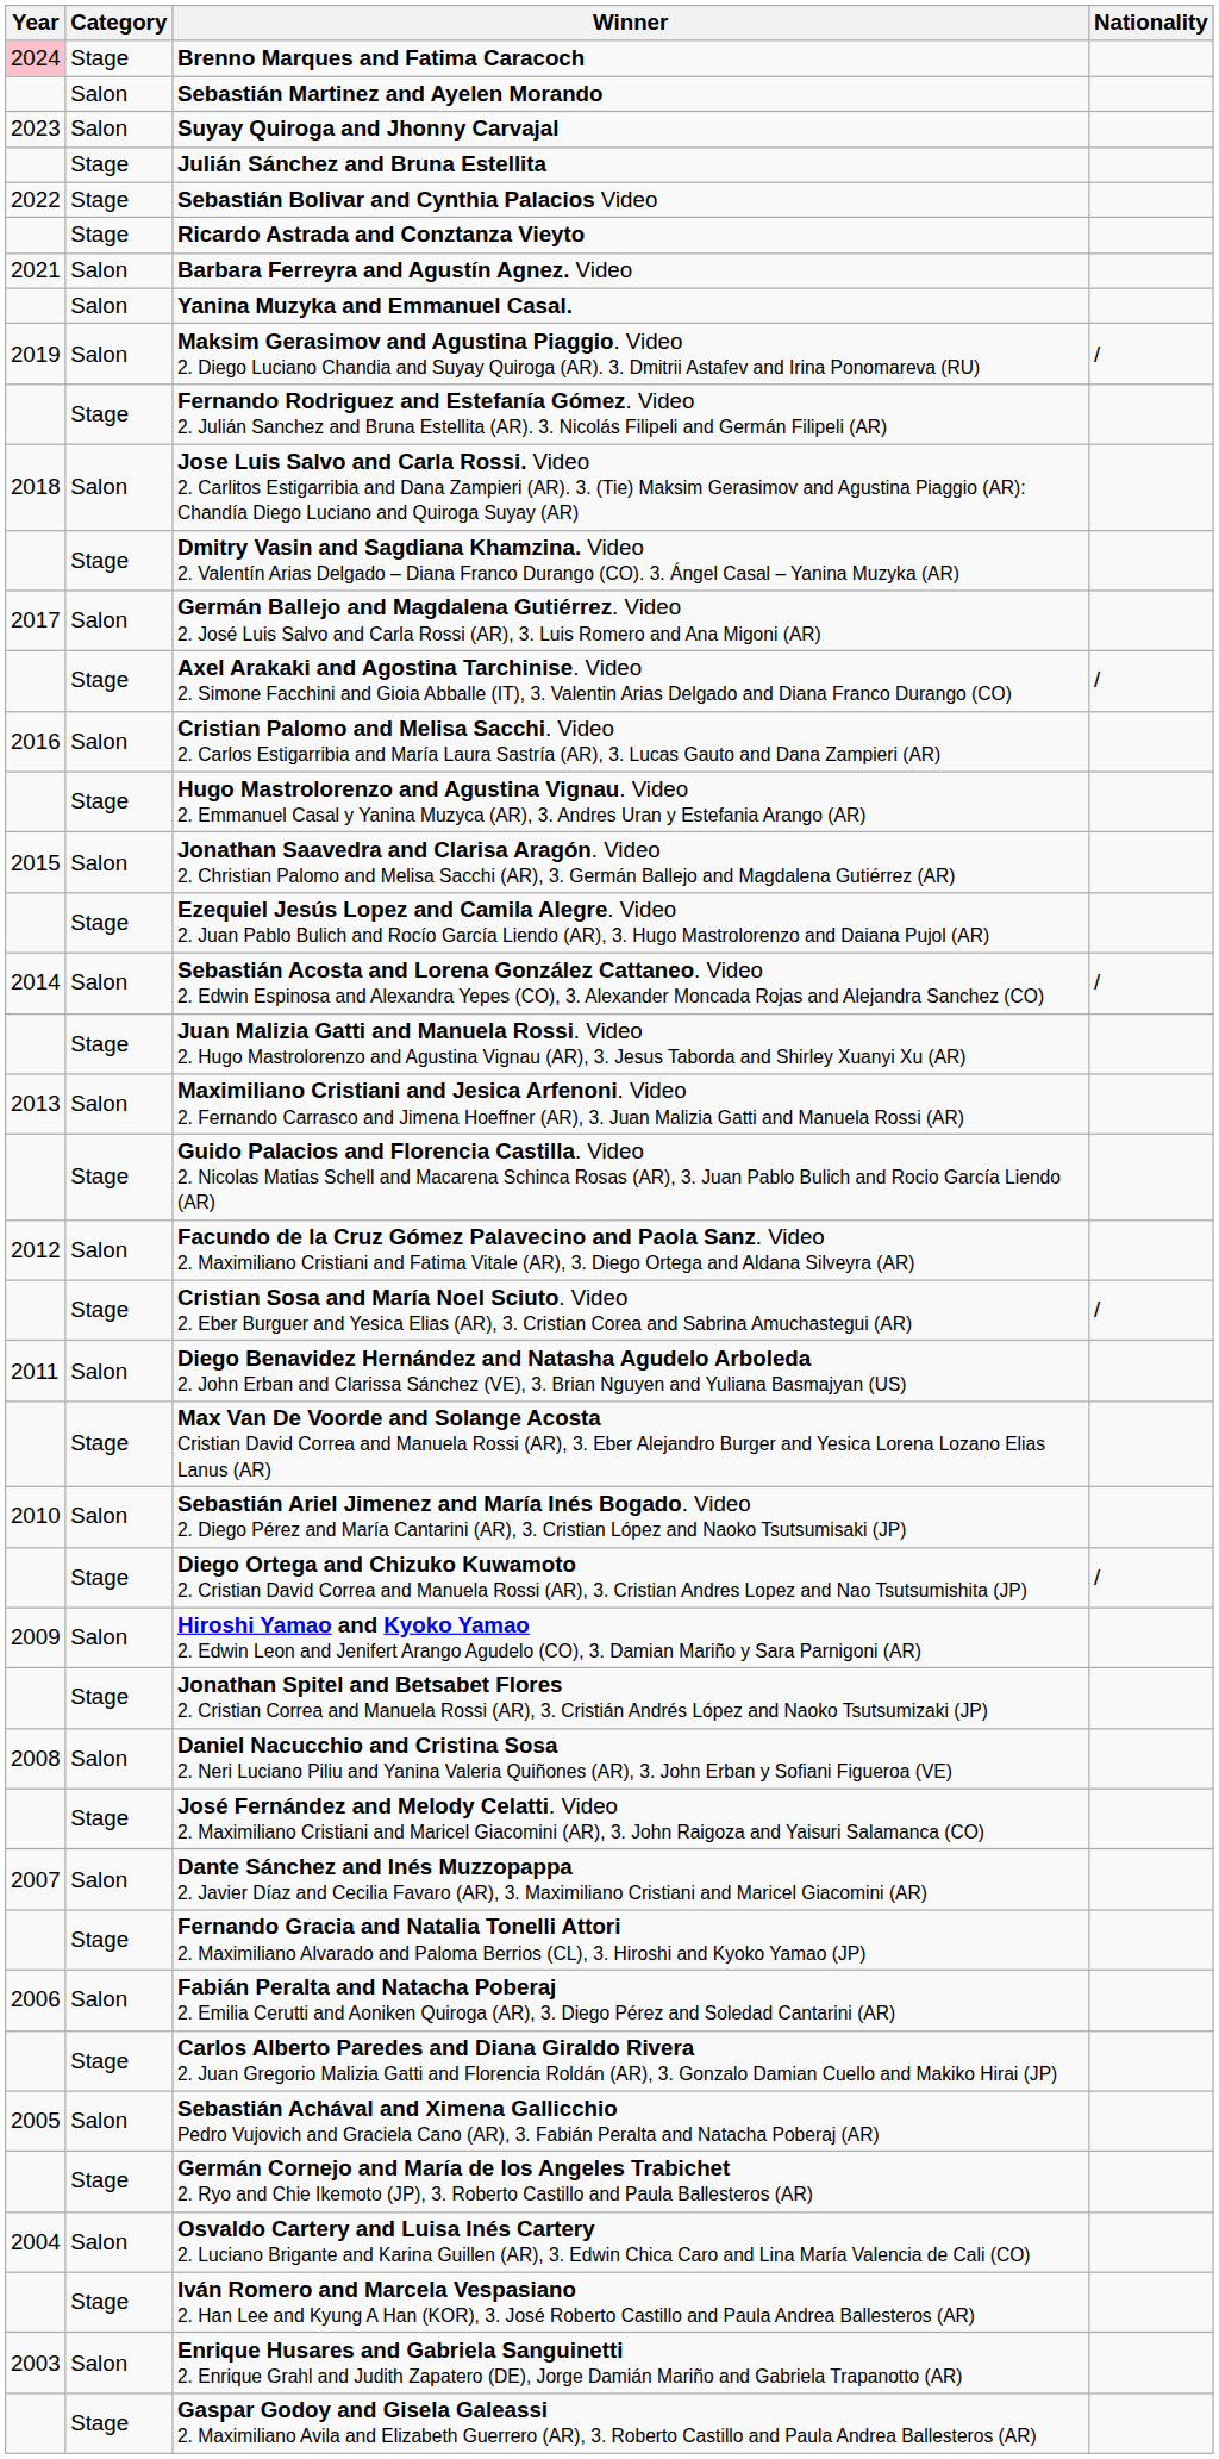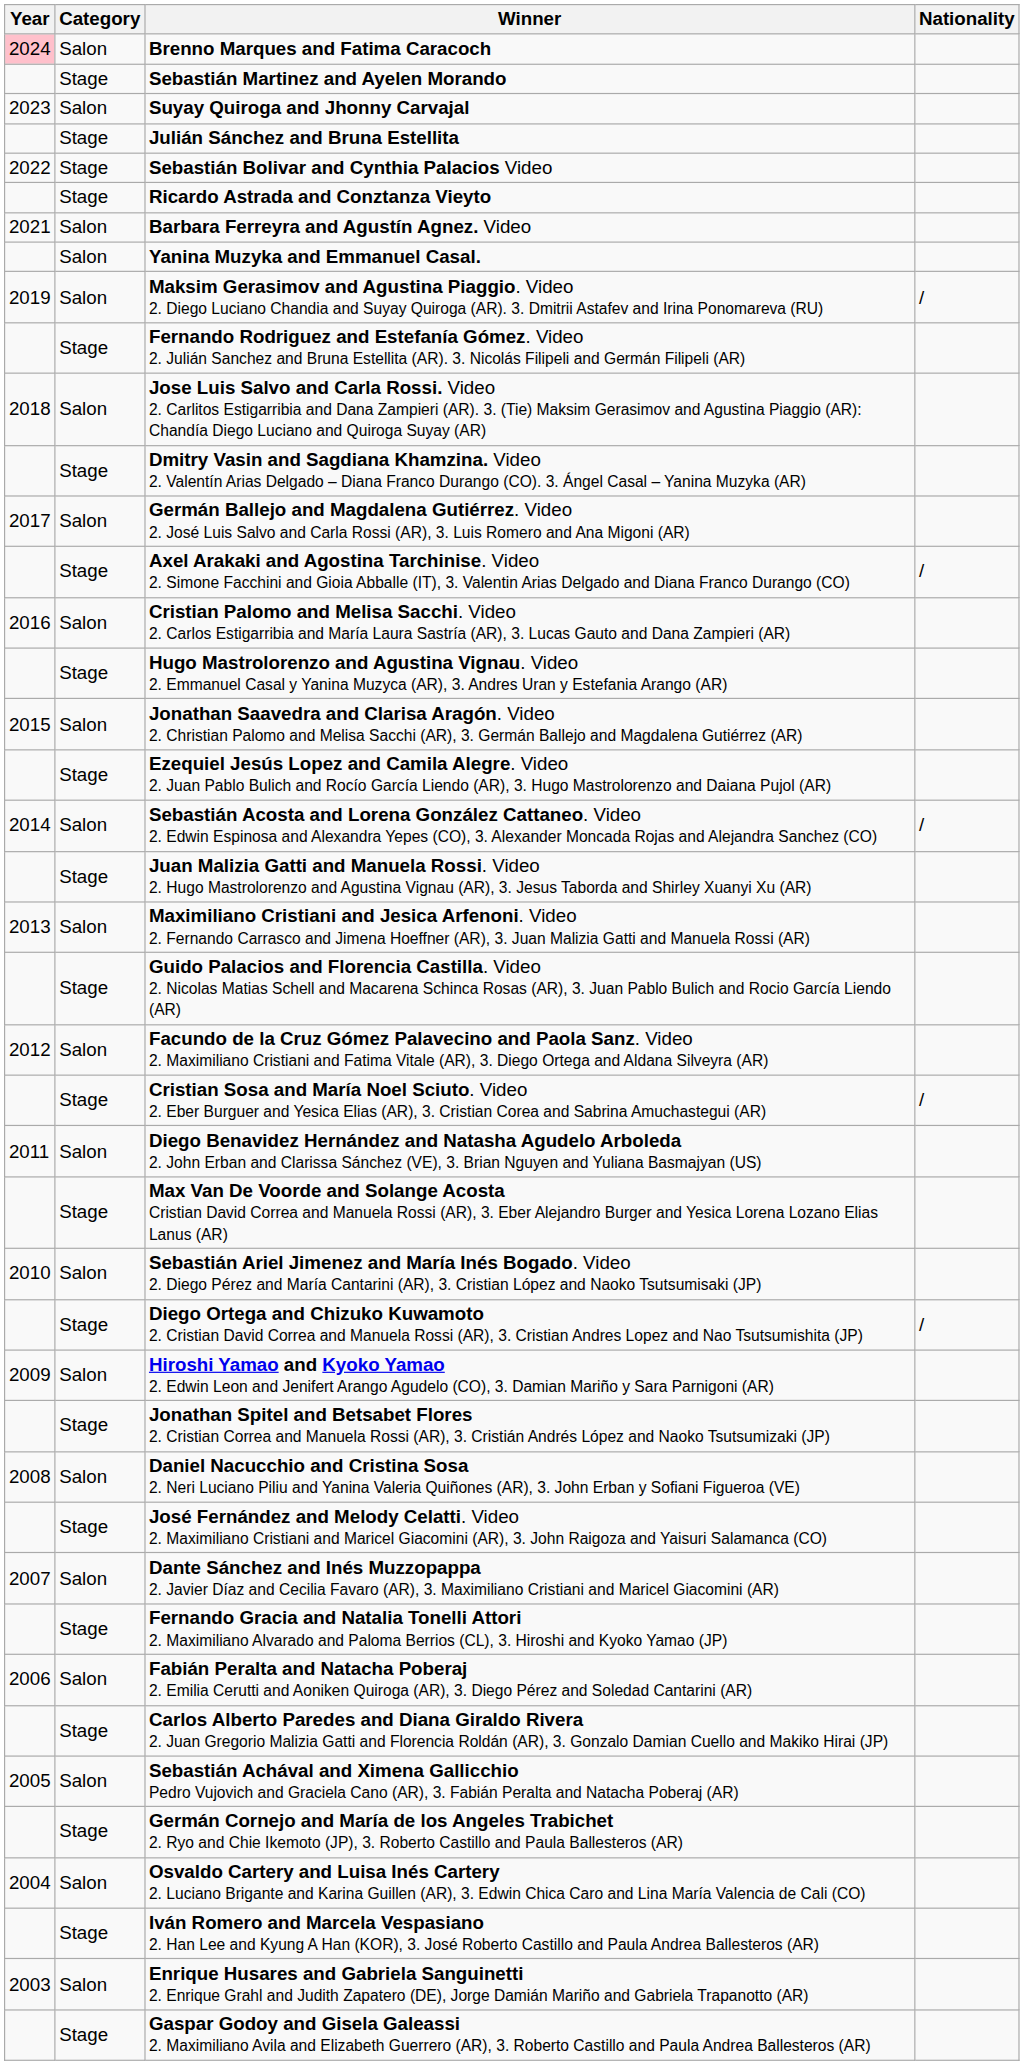 <table class="wikitable sortable mw-collapsible">
 <tr>
 <th>Year</th>
 <th>Category</th>
 <th>Winner</th>
 <th>Nationality</th>
 </tr>
 <tr>
 <td style="background: pink;">2024</td>
-<td>Stage</td>
+<td>Salon</td>
 <td><strong>Brenno Marques and Fatima Caracoch</strong></td>
 <td></td>
 </tr>
 <tr>
 <td></td>
-<td>Salon </td>
+<td>Stage</td>
 <td><strong>Sebastián Martinez and Ayelen Morando</strong></td>
 <td></td>
 </tr>
 <tr>
 <td>2023</td>
 <td>Salon</td>
 <td><strong>Suyay Quiroga and Jhonny Carvajal</strong></td>
 <td> </td>
 </tr>
 <tr>
 <td></td>
 <td>Stage</td>
 <td><strong>Julián Sánchez and Bruna Estellita</strong></td>
 <td></td>
 </tr>
 <tr>
 <td>2022</td>
 <td>Stage</td>
 <td><strong>Sebastián Bolivar and Cynthia Palacios</strong> Video</td>
 <td></td>
 </tr>
 <tr>
 <td></td>
 <td>Stage</td>
 <td><strong>Ricardo Astrada and Conztanza Vieyto</strong></td>
 <td></td>
 </tr>
 <tr>
 <td>2021</td>
 <td>Salon</td>
 <td><strong>Barbara Ferreyra and Agustín Agnez.</strong> Video</td>
 <td></td>
 </tr>
 <tr>
 <td></td>
 <td>Salon</td>
 <td><strong>Yanina Muzyka and Emmanuel Casal.</strong></td>
 <td></td>
 </tr>
 <tr>
 <td>2019</td>
 <td>Salon</td>
 <td><strong>Maksim Gerasimov and Agustina Piaggio</strong>. Video<br><small>2. Diego Luciano Chandia and Suyay Quiroga (AR). 3.  Dmitrii Astafev and Irina Ponomareva (RU)</small></td>
 <td> / </td>
 </tr>
 <tr>
 <td></td>
 <td>Stage</td>
 <td><strong>Fernando Rodriguez and Estefanía Gómez</strong>. Video<br><small>2. Julián Sanchez and Bruna Estellita (AR). 3. Nicolás Filipeli and Germán Filipeli (AR)</small></td>
 <td></td>
 </tr>
 <tr>
 <td>2018</td>
 <td>Salon</td>
 <td><strong>Jose Luis Salvo and Carla Rossi.</strong> Video<br><small>2. Carlitos Estigarribia and Dana Zampieri (AR). 3. (Tie)  Maksim Gerasimov and Agustina Piaggio (AR): Chandía Diego Luciano and Quiroga Suyay (AR)</small></td>
 <td></td>
 </tr>
 <tr>
 <td></td>
 <td>Stage</td>
 <td><strong>Dmitry Vasin and Sagdiana Khamzina.</strong> Video<br><small>2. Valentín Arias Delgado – Diana Franco Durango (CO). 3. Ángel Casal – Yanina Muzyka (AR)</small></td>
 <td></td>
 </tr>
 <tr>
 <td>2017</td>
 <td>Salon</td>
 <td><strong>Germán Ballejo and Magdalena Gutiérrez</strong>. Video<br><small>2. José Luis Salvo and Carla Rossi (AR), 3. Luis Romero and Ana Migoni (AR)</small></td>
 <td></td>
 </tr>
 <tr>
 <td></td>
 <td>Stage</td>
 <td><strong>Axel Arakaki and Agostina Tarchinise</strong>. Video<br><small>2. Simone Facchini and Gioia Abballe (IT), 3. Valentin Arias Delgado and Diana Franco Durango (CO)</small></td>
 <td> / </td>
 </tr>
 <tr>
 <td>2016</td>
 <td>Salon</td>
 <td><strong>Cristian Palomo and Melisa Sacchi</strong>. Video<br><small>2. Carlos Estigarribia and María Laura Sastría (AR), 3. Lucas Gauto and Dana Zampieri (AR)</small></td>
 <td></td>
 </tr>
 <tr>
 <td></td>
 <td>Stage</td>
 <td><strong>Hugo Mastrolorenzo and Agustina Vignau</strong>. Video<br><small>2. Emmanuel Casal y Yanina Muzyca (AR), 3. Andres Uran y Estefania Arango (AR)</small></td>
 <td></td>
 </tr>
 <tr>
 <td>2015</td>
 <td>Salon</td>
 <td><strong>Jonathan Saavedra and Clarisa Aragón</strong>. Video<br><small>2. Christian Palomo and Melisa Sacchi (AR), 3. Germán Ballejo and Magdalena Gutiérrez (AR)</small></td>
 <td></td>
 </tr>
 <tr>
 <td></td>
 <td>Stage</td>
 <td><strong>Ezequiel Jesús Lopez and Camila Alegre</strong>. Video<br><small>2. Juan Pablo Bulich and Rocío García Liendo (AR), 3. Hugo Mastrolorenzo and Daiana Pujol (AR)</small></td>
 <td></td>
 </tr>
 <tr>
 <td>2014</td>
 <td>Salon </td>
 <td><strong>Sebastián Acosta and Lorena González Cattaneo</strong>. Video<br><small>2. Edwin Espinosa and Alexandra Yepes (CO), 3. Alexander Moncada Rojas and Alejandra Sanchez (CO)</small></td>
 <td> / </td>
 </tr>
 <tr>
 <td></td>
 <td>Stage </td>
 <td><strong>Juan Malizia Gatti and Manuela Rossi</strong>. Video<br><small>2. Hugo Mastrolorenzo and Agustina Vignau (AR), 3. Jesus Taborda and Shirley Xuanyi Xu (AR)</small></td>
 <td></td>
 </tr>
 <tr>
 <td>2013</td>
 <td>Salon </td>
 <td><strong>Maximiliano Cristiani and Jesica Arfenoni</strong>. Video<br><small>2. Fernando Carrasco and Jimena Hoeffner (AR), 3. Juan Malizia Gatti and Manuela Rossi (AR)</small></td>
 <td></td>
 </tr>
 <tr>
 <td></td>
 <td>Stage </td>
 <td><strong>Guido Palacios and Florencia Castilla</strong>. Video<br><small>2. Nicolas Matias Schell and Macarena Schinca Rosas (AR), 3. Juan Pablo Bulich and Rocio García Liendo (AR)</small></td>
 <td></td>
 </tr>
 <tr>
 <td>2012 </td>
 <td>Salon </td>
 <td><strong>Facundo de la Cruz Gómez Palavecino and Paola Sanz</strong>. Video<br><small>2. Maximiliano Cristiani and Fatima Vitale (AR), 3. Diego Ortega and Aldana Silveyra (AR)</small></td>
 <td></td>
 </tr>
 <tr>
 <td></td>
 <td>Stage </td>
 <td><strong>Cristian Sosa and María Noel Sciuto</strong>. Video<br><small>2. Eber Burguer and Yesica Elias (AR), 3. Cristian Corea and Sabrina Amuchastegui (AR)</small></td>
 <td> / </td>
 </tr>
 <tr>
 <td>2011 </td>
 <td>Salon </td>
 <td><strong>Diego Benavidez Hernández and Natasha Agudelo Arboleda</strong><br><small>2. John Erban and Clarissa Sánchez (VE), 3. Brian Nguyen and Yuliana Basmajyan (US)</small></td>
 <td></td>
 </tr>
 <tr>
 <td></td>
 <td>Stage </td>
 <td><strong>Max Van De Voorde and Solange Acosta</strong><br><small>Cristian David Correa and Manuela Rossi (AR), 3. Eber Alejandro Burger and Yesica Lorena Lozano Elias Lanus (AR)</small></td>
 <td></td>
 </tr>
 <tr>
 <td>2010</td>
 <td>Salon </td>
 <td><strong>Sebastián Ariel Jimenez and María Inés Bogado</strong>. Video<br><small>2. Diego Pérez and María Cantarini (AR), 3. Cristian López and Naoko Tsutsumisaki (JP)</small></td>
 <td></td>
 </tr>
 <tr>
 <td></td>
 <td>Stage </td>
 <td><strong>Diego Ortega and Chizuko Kuwamoto</strong><br><small>2. Cristian David Correa and Manuela Rossi (AR), 3. Cristian Andres Lopez and Nao Tsutsumishita (JP)</small></td>
 <td> / </td>
 </tr>
 <tr>
 <td>2009 </td>
 <td>Salon </td>
 <td><strong><a href='#'>Hiroshi Yamao</a> and <a href='#'>Kyoko Yamao</a></strong><br><small>2. Edwin Leon and Jenifert Arango Agudelo (CO), 3. Damian Mariño y Sara Parnigoni (AR)</small></td>
 <td></td>
 </tr>
 <tr>
 <td></td>
 <td>Stage </td>
 <td><strong>Jonathan Spitel and Betsabet Flores</strong><br><small>2. Cristian Correa and Manuela Rossi (AR), 3. Cristián Andrés López and Naoko Tsutsumizaki (JP)</small></td>
 <td></td>
 </tr>
 <tr>
 <td>2008 </td>
 <td>Salon </td>
 <td><strong>Daniel Nacucchio and Cristina Sosa</strong><br><small>2. Neri Luciano Piliu and Yanina Valeria Quiñones (AR), 3. John Erban y Sofiani Figueroa (VE)</small></td>
 <td></td>
 </tr>
 <tr>
 <td></td>
 <td>Stage</td>
 <td><strong>José Fernández and Melody Celatti</strong>. Video<br><small>2. Maximiliano Cristiani and Maricel Giacomini (AR), 3. John Raigoza and Yaisuri Salamanca (CO)</small></td>
 <td></td>
 </tr>
 <tr>
 <td>2007 </td>
 <td>Salon</td>
 <td><strong>Dante Sánchez and Inés Muzzopappa</strong><br><small>2. Javier Díaz and Cecilia Favaro (AR), 3. Maximiliano Cristiani and Maricel Giacomini (AR)</small></td>
 <td></td>
 </tr>
 <tr>
 <td></td>
 <td>Stage</td>
 <td><strong>Fernando Gracia and Natalia Tonelli Attori</strong><br><small>2. Maximiliano Alvarado and Paloma Berrios (CL), 3. Hiroshi and Kyoko Yamao (JP)</small></td>
 <td></td>
 </tr>
 <tr>
 <td>2006 </td>
 <td>Salon</td>
 <td><strong>Fabián Peralta and Natacha Poberaj</strong><br><small>2. Emilia Cerutti and Aoniken Quiroga (AR), 3. Diego Pérez and Soledad Cantarini (AR)</small></td>
 <td></td>
 </tr>
 <tr>
 <td></td>
 <td>Stage</td>
 <td><strong>Carlos Alberto Paredes and Diana Giraldo Rivera</strong><br><small>2. Juan Gregorio Malizia Gatti and Florencia Roldán (AR), 3. Gonzalo Damian Cuello and Makiko Hirai (JP)</small></td>
 <td></td>
 </tr>
 <tr>
 <td>2005 </td>
 <td>Salon</td>
 <td><strong>Sebastián Achával and Ximena Gallicchio</strong><br><small>Pedro Vujovich and Graciela Cano (AR), 3. Fabián Peralta and Natacha Poberaj (AR)</small></td>
 <td></td>
 </tr>
 <tr>
 <td></td>
 <td>Stage</td>
 <td><strong>Germán Cornejo and María de los Angeles Trabichet</strong><br><small>2. Ryo and Chie Ikemoto (JP), 3. Roberto Castillo and Paula Ballesteros (AR)</small></td>
 <td></td>
 </tr>
 <tr>
 <td>2004 </td>
 <td>Salon</td>
 <td><strong>Osvaldo Cartery and Luisa Inés Cartery</strong><br><small>2. Luciano Brigante and Karina Guillen (AR), 3. Edwin Chica Caro and Lina María Valencia de Cali (CO)</small></td>
 <td></td>
 </tr>
 <tr>
 <td></td>
 <td>Stage</td>
 <td><strong>Iván Romero and Marcela Vespasiano</strong><br><small>2. Han Lee and Kyung A Han (KOR), 3. José Roberto Castillo and Paula Andrea Ballesteros (AR)</small></td>
 <td></td>
 </tr>
 <tr>
 <td>2003 </td>
 <td>Salon</td>
 <td><strong>Enrique Husares and Gabriela Sanguinetti</strong><br><small>2. Enrique Grahl and Judith Zapatero (DE), Jorge Damián Mariño and Gabriela Trapanotto (AR)</small></td>
 <td></td>
 </tr>
 <tr>
 <td></td>
 <td>Stage</td>
 <td><strong>Gaspar Godoy and Gisela Galeassi</strong><br><small>2. Maximiliano Avila and Elizabeth Guerrero (AR), 3. Roberto Castillo and Paula Andrea Ballesteros (AR)</small></td>
 <td></td>
 </tr>
 </table>
